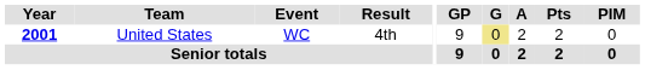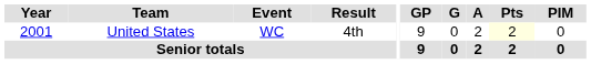 <table border="0" cellpadding="1" cellspacing="0" ID="Table3" style="text-align:center; width:40em">
 <tr ALIGN="center" bgcolor="#e0e0e0">
 <th>Year</th>
 <th>Team</th>
 <th>Event</th>
 <th>Result</th>
 <th rowspan="99" bgcolor="#ffffff"></th>
 <th>GP</th>
 <th>G</th>
 <th>A</th>
 <th>Pts</th>
 <th>PIM</th>
 </tr>
 <tr>
-<td><strong><a href='#'>2001</a></strong></td>
+<td><a href='#'>2001</a></td>
 <td><a href='#'>United States</a></td>
 <td><a href='#'>WC</a></td>
 <td>4th</td>
 <td>9</td>
-<td style="background: khaki;">0</td>
+<td>0</td>
 <td>2</td>
-<td>2</td>
+<td style="background: lightyellow;">2</td>
 <td>0</td>
 </tr>
 <tr bgcolor="#e0e0e0">
 <th colspan="4">Senior totals</th>
 <th>9</th>
 <th>0</th>
 <th>2</th>
 <th>2</th>
 <th>0</th>
 </tr>
 </table>
